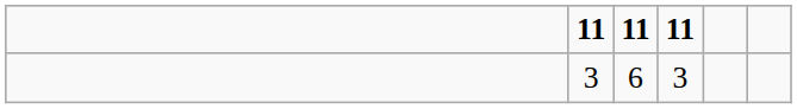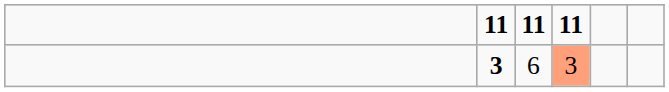 <table class="wikitable">
 <tr>
 <td style="width:18em"><strong> </strong></td>
 <td align=center style="width:1em"><strong>11</strong></td>
 <td align=center style="width:1em"><strong>11</strong></td>
 <td align=center style="width:1em"><strong>11</strong></td>
 <td align=center style="width:1em"></td>
 <td align=center style="width:1em"></td>
 </tr>
 <tr>
 <td style="width:18em"></td>
-<td align=center style="width:1em">3</td>
+<td align=center style="width:1em"><strong>3</strong></td>
 <td align=center style="width:1em">6</td>
-<td align=center style="width:1em">3</td>
+<td align=center style="background: lightsalmon; width:1em">3</td>
 <td align=center style="width:1em"></td>
 <td align=center style="width:1em"></td>
 </tr>
 </table>
